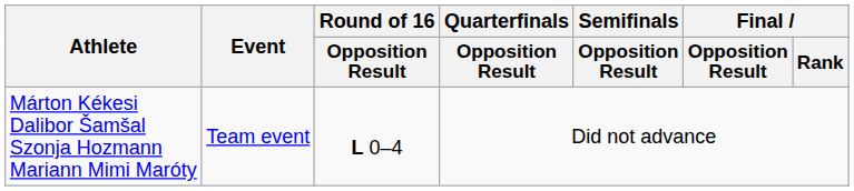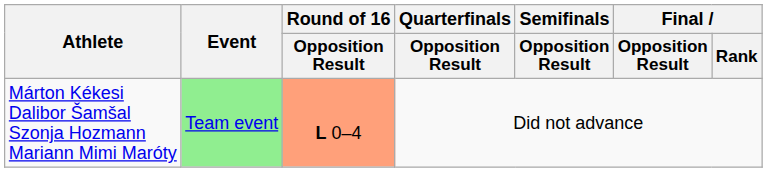 <table class="wikitable" style="font-size:90%">
 <tr>
 <th rowspan="2">Athlete</th>
 <th rowspan="2">Event</th>
 <th>Round of 16</th>
 <th>Quarterfinals</th>
 <th>Semifinals</th>
 <th colspan=2>Final / </th>
 </tr>
 <tr style="font-size:95%">
 <th>Opposition<br>Result</th>
 <th>Opposition<br>Result</th>
 <th>Opposition<br>Result</th>
 <th>Opposition<br>Result</th>
 <th>Rank</th>
 </tr>
 <tr align=center>
 <td align="left"><a href='#'>Márton Kékesi</a><br><a href='#'>Dalibor Šamšal</a><br><a href='#'>Szonja Hozmann</a><br><a href='#'>Mariann Mimi Maróty</a></td>
-<td align="left"><a href='#'>Team event</a></td>
-<td><br> <strong>L</strong> 0–4</td>
+<td align="left" style="background: lightgreen;"><a href='#'>Team event</a></td>
+<td style="background: lightsalmon;"><br> <strong>L</strong> 0–4</td>
 <td colspan=4>Did not advance</td>
 </tr>
 </table>
